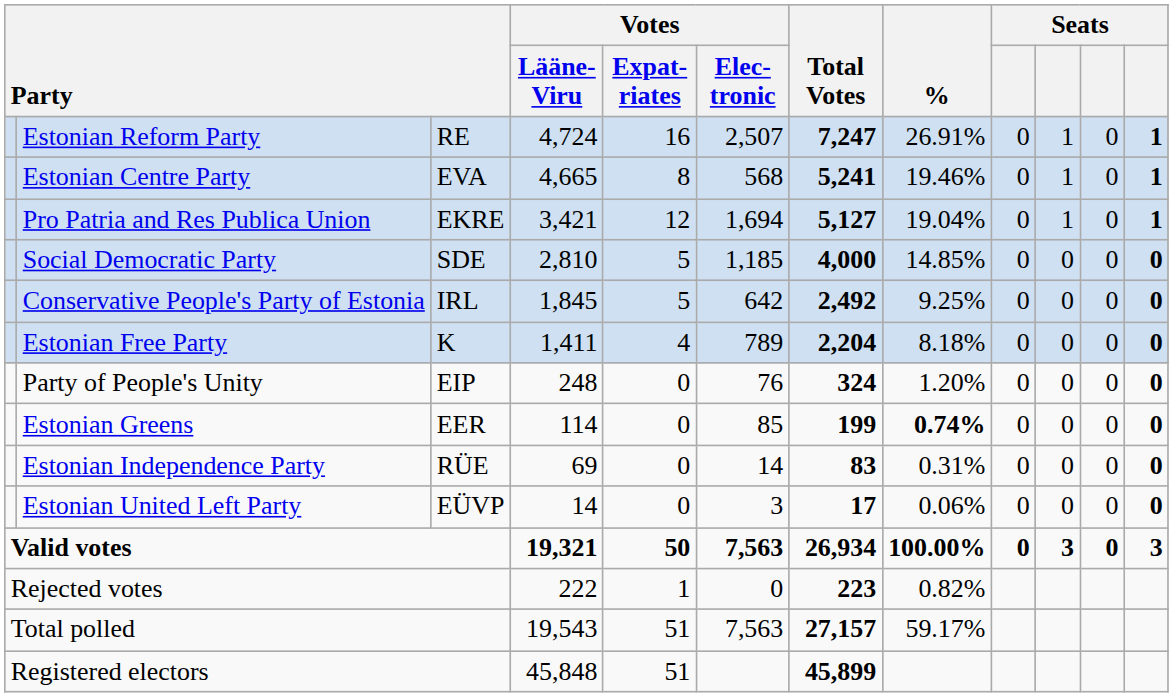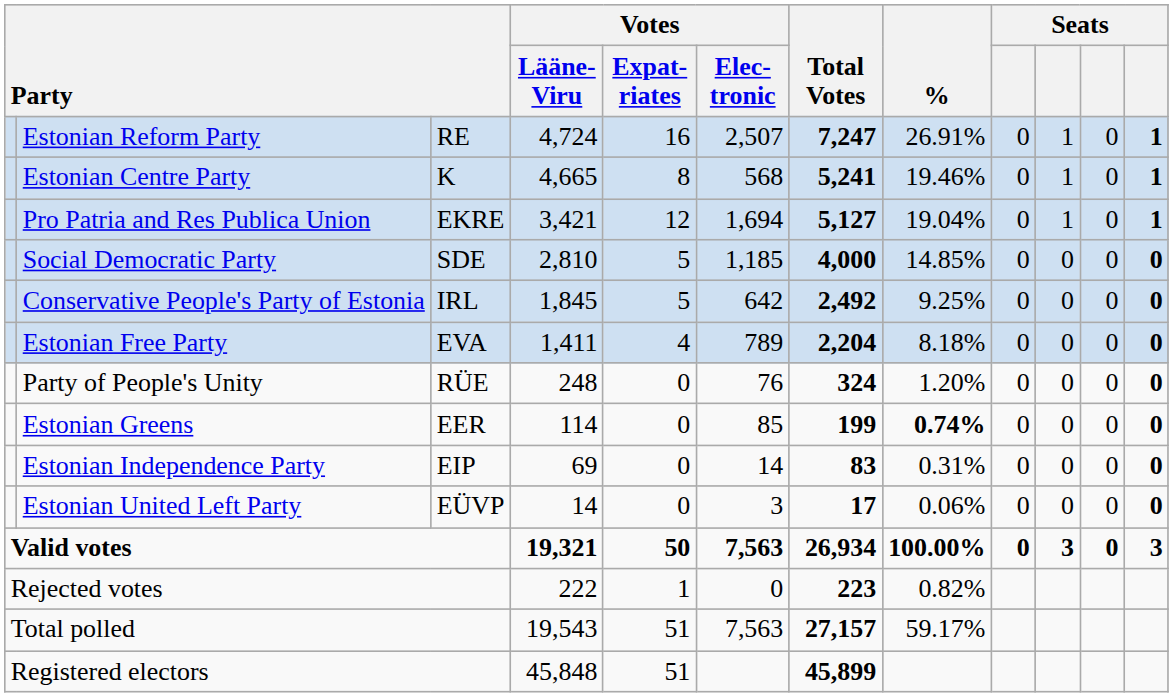 <table class="wikitable" border="1" style="text-align:right;">
 <tr>
 <th style="text-align:left;" valign=bottom rowspan=2 colspan=3>Party</th>
 <th colspan=3>Votes</th>
 <th align=center valign=bottom rowspan=2 width="50">Total Votes</th>
 <th align=center valign=bottom rowspan=2 width="50">%</th>
 <th colspan=4>Seats</th>
 </tr>
 <tr>
 <th align=center valign=bottom width="50"><a href='#'>Lääne- Viru</a></th>
 <th align=center valign=bottom width="50"><a href='#'>Expat- riates</a></th>
 <th align=center valign=bottom width="50"><a href='#'>Elec- tronic</a></th>
 <th align=center valign=bottom width="20"><small></small></th>
 <th align=center valign=bottom width="20"><small></small></th>
 <th align=center valign=bottom width="20"><small></small></th>
 <th align=center valign=bottom width="20"><small></small></th>
 </tr>
 <tr style="background:#CEE0F2;">
 <td style="background:"></td>
 <td align=left><a href='#'>Estonian Reform Party</a></td>
 <td align=left>RE</td>
 <td>4,724</td>
 <td>16</td>
 <td>2,507</td>
 <td><strong>7,247</strong></td>
 <td>26.91%</td>
 <td>0</td>
 <td>1</td>
 <td>0</td>
 <td><strong>1</strong></td>
 </tr>
 <tr style="background:#CEE0F2;">
 <td style="background:"></td>
 <td align=left><a href='#'>Estonian Centre Party</a></td>
-<td align=left>EVA</td>
+<td align=left>K</td>
 <td>4,665</td>
 <td>8</td>
 <td>568</td>
 <td><strong>5,241</strong></td>
 <td>19.46%</td>
 <td>0</td>
 <td>1</td>
 <td>0</td>
 <td><strong>1</strong></td>
 </tr>
 <tr style="background:#CEE0F2;">
 <td style="background:"></td>
 <td align=left><a href='#'>Pro Patria and Res Publica Union</a></td>
 <td align=left>EKRE</td>
 <td>3,421</td>
 <td>12</td>
 <td>1,694</td>
 <td><strong>5,127</strong></td>
 <td>19.04%</td>
 <td>0</td>
 <td>1</td>
 <td>0</td>
 <td><strong>1</strong></td>
 </tr>
 <tr style="background:#CEE0F2;">
 <td style="background:"></td>
 <td align=left><a href='#'>Social Democratic Party</a></td>
 <td align=left>SDE</td>
 <td>2,810</td>
 <td>5</td>
 <td>1,185</td>
 <td><strong>4,000</strong></td>
 <td>14.85%</td>
 <td>0</td>
 <td>0</td>
 <td>0</td>
 <td><strong>0</strong></td>
 </tr>
 <tr style="background:#CEE0F2;">
 <td style="background:"></td>
 <td align=left><a href='#'>Conservative People's Party of Estonia</a></td>
 <td align=left>IRL</td>
 <td>1,845</td>
 <td>5</td>
 <td>642</td>
 <td><strong>2,492</strong></td>
 <td>9.25%</td>
 <td>0</td>
 <td>0</td>
 <td>0</td>
 <td><strong>0</strong></td>
 </tr>
 <tr style="background:#CEE0F2;">
 <td style="background:"></td>
 <td align=left><a href='#'>Estonian Free Party</a></td>
-<td align=left>K</td>
+<td align=left>EVA</td>
 <td>1,411</td>
 <td>4</td>
 <td>789</td>
 <td><strong>2,204</strong></td>
 <td>8.18%</td>
 <td>0</td>
 <td>0</td>
 <td>0</td>
 <td><strong>0</strong></td>
 </tr>
 <tr>
 <td></td>
 <td align=left>Party of People's Unity</td>
-<td align=left>EIP</td>
+<td align=left>RÜE</td>
 <td>248</td>
 <td>0</td>
 <td>76</td>
 <td><strong>324</strong></td>
 <td>1.20%</td>
 <td>0</td>
 <td>0</td>
 <td>0</td>
 <td><strong>0</strong></td>
 </tr>
 <tr>
 <td style="background:"></td>
 <td align=left><a href='#'>Estonian Greens</a></td>
 <td align=left>EER</td>
 <td>114</td>
 <td>0</td>
 <td>85</td>
 <td><strong>199</strong></td>
 <td><strong>0.74%</strong></td>
 <td>0</td>
 <td>0</td>
 <td>0</td>
 <td><strong>0</strong></td>
 </tr>
 <tr>
 <td style="background:"></td>
 <td align=left><a href='#'>Estonian Independence Party</a></td>
-<td align=left>RÜE</td>
+<td align=left>EIP</td>
 <td>69</td>
 <td>0</td>
 <td>14</td>
 <td><strong>83</strong></td>
 <td>0.31%</td>
 <td>0</td>
 <td>0</td>
 <td>0</td>
 <td><strong>0</strong></td>
 </tr>
 <tr>
 <td style="background:"></td>
 <td align=left><a href='#'>Estonian United Left Party</a></td>
 <td align=left>EÜVP</td>
 <td>14</td>
 <td>0</td>
 <td>3</td>
 <td><strong>17</strong></td>
 <td>0.06%</td>
 <td>0</td>
 <td>0</td>
 <td>0</td>
 <td><strong>0</strong></td>
 </tr>
 <tr style="font-weight:bold">
 <td align=left colspan=3>Valid votes</td>
 <td>19,321</td>
 <td>50</td>
 <td>7,563</td>
 <td>26,934</td>
 <td>100.00%</td>
 <td>0</td>
 <td>3</td>
 <td>0</td>
 <td>3</td>
 </tr>
 <tr>
 <td align=left colspan=3>Rejected votes</td>
 <td>222</td>
 <td>1</td>
 <td>0</td>
 <td><strong>223</strong></td>
 <td>0.82%</td>
 <td></td>
 <td></td>
 <td></td>
 <td></td>
 </tr>
 <tr>
 <td align=left colspan=3>Total polled</td>
 <td>19,543</td>
 <td>51</td>
 <td>7,563</td>
 <td><strong>27,157</strong></td>
 <td>59.17%</td>
 <td></td>
 <td></td>
 <td></td>
 <td></td>
 </tr>
 <tr>
 <td align=left colspan=3>Registered electors</td>
 <td>45,848</td>
 <td>51</td>
 <td></td>
 <td><strong>45,899</strong></td>
 <td></td>
 <td></td>
 <td></td>
 <td></td>
 <td></td>
 </tr>
 </table>
